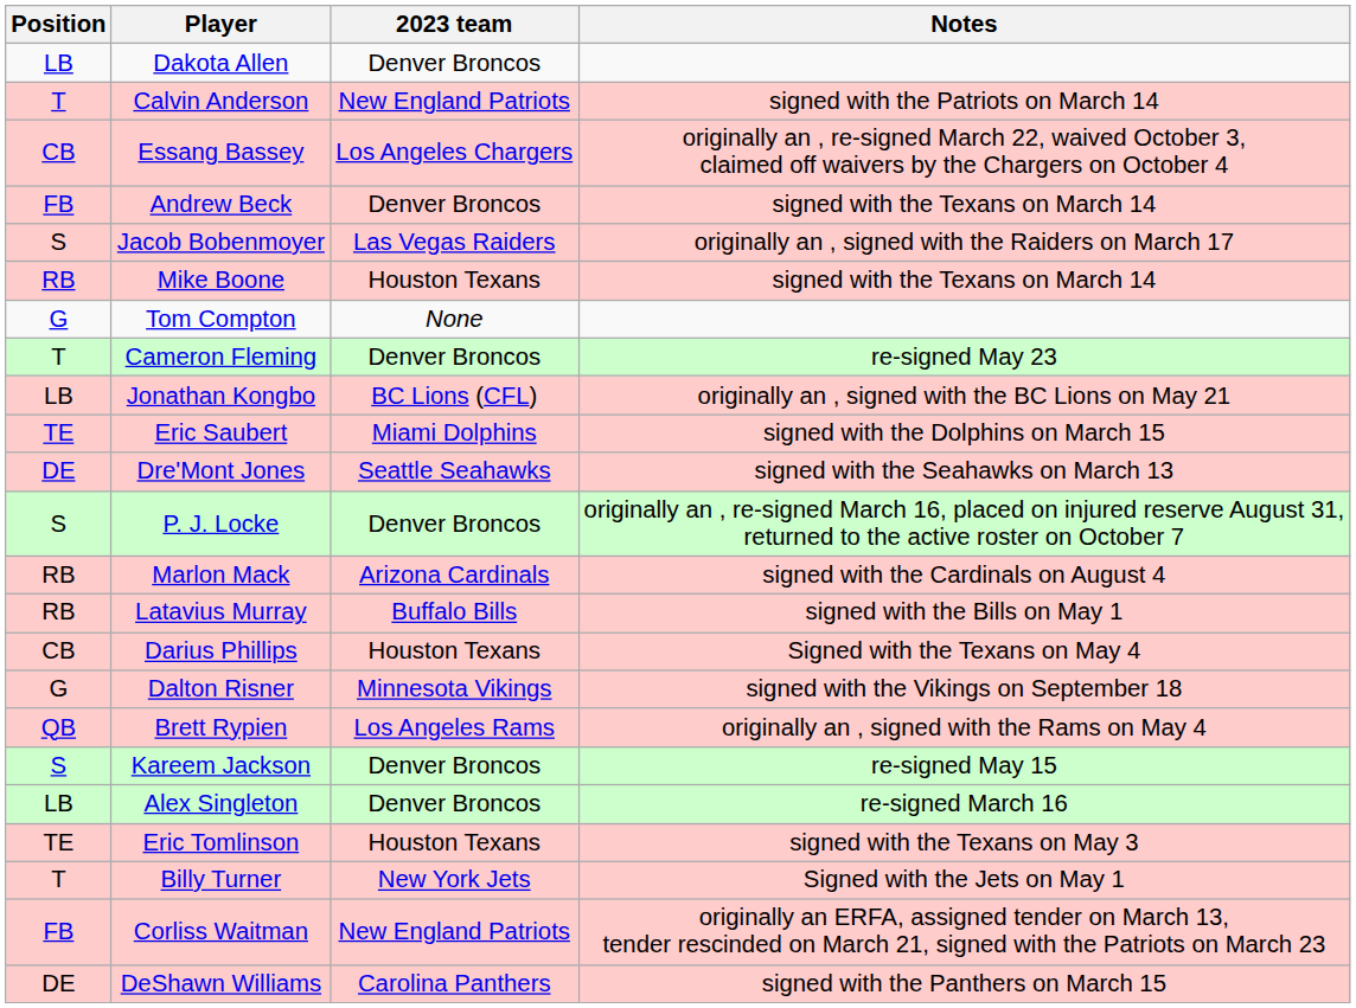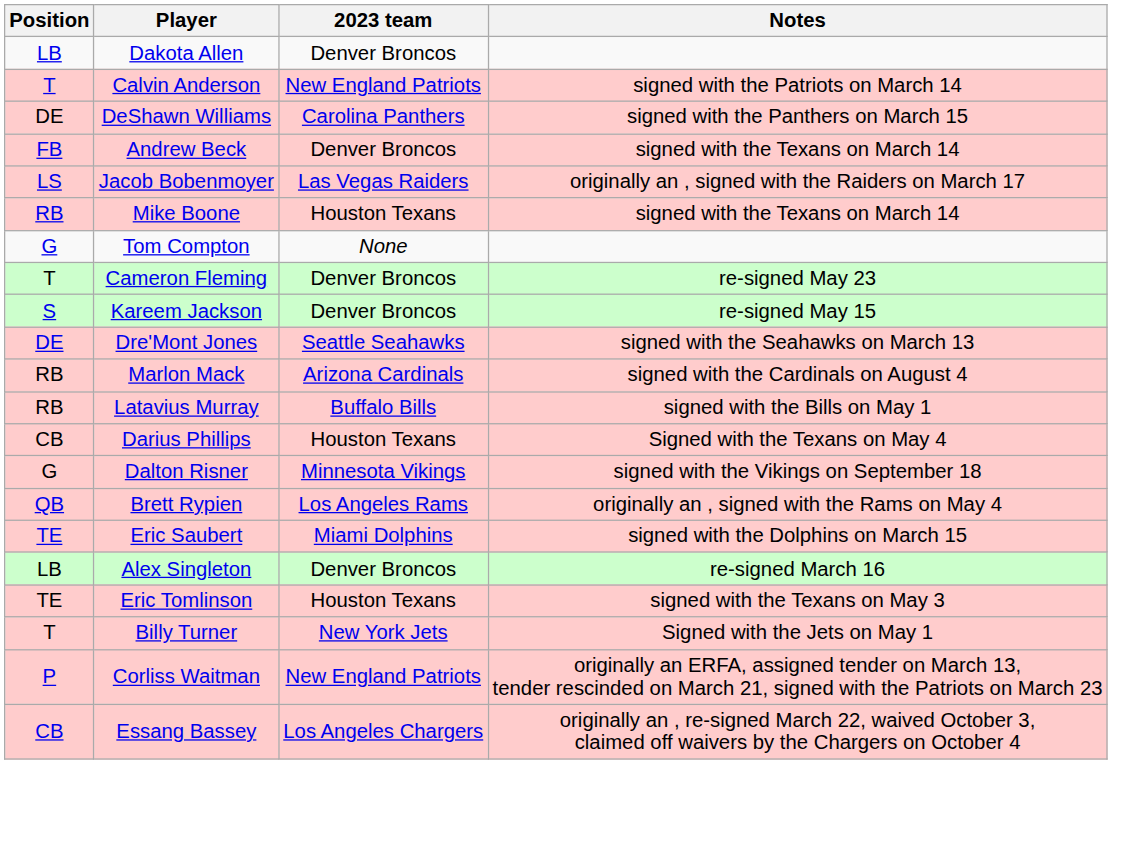 <table class="wikitable" style="text-align:center">
 <tr>
 <th>Position</th>
 <th>Player</th>
 <th>2023 team</th>
 <th>Notes</th>
 </tr>
 <tr style="background:#">
 <td><a href='#'>LB</a></td>
 <td><a href='#'>Dakota Allen</a></td>
 <td>Denver Broncos</td>
 <td></td>
 </tr>
 <tr style="background:#fcc">
 <td><a href='#'>T</a></td>
 <td><a href='#'>Calvin Anderson</a></td>
 <td><a href='#'>New England Patriots</a></td>
 <td>signed with the Patriots on March 14</td>
 </tr>
 <tr style="background:#fcc">
-<td><a href='#'>CB</a></td>
-<td><a href='#'>Essang Bassey</a></td>
-<td><a href='#'>Los Angeles Chargers</a></td>
-<td>originally an , re-signed March 22, waived October 3,<br>claimed off waivers by the Chargers on October 4</td>
+<td>DE</td>
+<td><a href='#'>DeShawn Williams</a></td>
+<td><a href='#'>Carolina Panthers</a></td>
+<td>signed with the Panthers on March 15</td>
 </tr>
 <tr style="background:#fcc">
 <td><a href='#'>FB</a></td>
 <td><a href='#'>Andrew Beck</a></td>
 <td>Denver Broncos</td>
 <td>signed with the Texans on March 14</td>
 </tr>
 <tr style="background:#fcc">
-<td>S</td>
+<td><a href='#'>LS</a></td>
 <td><a href='#'>Jacob Bobenmoyer</a></td>
 <td><a href='#'>Las Vegas Raiders</a></td>
 <td>originally an , signed with the Raiders on March 17</td>
 </tr>
 <tr style="background:#fcc">
 <td><a href='#'>RB</a></td>
 <td><a href='#'>Mike Boone</a></td>
 <td>Houston Texans</td>
 <td>signed with the Texans on March 14</td>
 </tr>
 <tr style="background:#">
 <td><a href='#'>G</a></td>
 <td><a href='#'>Tom Compton</a></td>
 <td><em>None</em></td>
 <td></td>
 </tr>
 <tr style="background:#cfc">
 <td>T</td>
 <td><a href='#'>Cameron Fleming</a></td>
 <td>Denver Broncos</td>
 <td>re-signed May 23</td>
 </tr>
-<tr style="background:#fcc">
-<td>LB</td>
-<td><a href='#'>Jonathan Kongbo</a></td>
-<td><a href='#'>BC Lions</a> (<a href='#'>CFL</a>)</td>
-<td>originally an , signed with the BC Lions on May 21</td>
-</tr>
-<tr style="background:#fcc">
-<td><a href='#'>TE</a></td>
-<td><a href='#'>Eric Saubert</a></td>
-<td><a href='#'>Miami Dolphins</a></td>
-<td>signed with the Dolphins on March 15</td>
+<tr style="background:#cfc">
+<td><a href='#'>S</a></td>
+<td><a href='#'>Kareem Jackson</a></td>
+<td>Denver Broncos</td>
+<td>re-signed May 15</td>
 </tr>
 <tr style="background:#fcc">
 <td><a href='#'>DE</a></td>
 <td><a href='#'>Dre'Mont Jones</a></td>
 <td><a href='#'>Seattle Seahawks</a></td>
 <td>signed with the Seahawks on March 13</td>
-</tr>
-<tr style="background:#cfc">
-<td>S</td>
-<td><a href='#'>P. J. Locke</a></td>
-<td>Denver Broncos</td>
-<td>originally an , re-signed March 16, placed on injured reserve August 31,<br>returned to the active roster on October 7</td>
 </tr>
 <tr style="background:#fcc">
 <td>RB</td>
 <td><a href='#'>Marlon Mack</a></td>
 <td><a href='#'>Arizona Cardinals</a></td>
 <td>signed with the Cardinals on August 4</td>
 </tr>
 <tr style="background:#fcc">
 <td>RB</td>
 <td><a href='#'>Latavius Murray</a></td>
 <td><a href='#'>Buffalo Bills</a></td>
 <td>signed with the Bills on May 1</td>
 </tr>
 <tr style="background:#fcc">
 <td>CB</td>
 <td><a href='#'>Darius Phillips</a></td>
 <td>Houston Texans</td>
 <td>Signed with the Texans on May 4</td>
 </tr>
 <tr style="background:#fcc">
 <td>G</td>
 <td><a href='#'>Dalton Risner</a></td>
 <td><a href='#'>Minnesota Vikings</a></td>
 <td>signed with the Vikings on September 18</td>
 </tr>
 <tr style="background:#fcc">
 <td><a href='#'>QB</a></td>
 <td><a href='#'>Brett Rypien</a></td>
 <td><a href='#'>Los Angeles Rams</a></td>
 <td>originally an , signed with the Rams on May 4</td>
 </tr>
-<tr style="background:#cfc">
-<td><a href='#'>S</a></td>
-<td><a href='#'>Kareem Jackson</a></td>
-<td>Denver Broncos</td>
-<td>re-signed May 15</td>
+<tr style="background:#fcc">
+<td><a href='#'>TE</a></td>
+<td><a href='#'>Eric Saubert</a></td>
+<td><a href='#'>Miami Dolphins</a></td>
+<td>signed with the Dolphins on March 15</td>
 </tr>
 <tr style="background:#cfc">
 <td>LB</td>
 <td><a href='#'>Alex Singleton</a></td>
 <td>Denver Broncos</td>
 <td>re-signed March 16</td>
 </tr>
 <tr style="background:#fcc">
 <td>TE</td>
 <td><a href='#'>Eric Tomlinson</a></td>
 <td>Houston Texans</td>
 <td>signed with the Texans on May 3</td>
 </tr>
 <tr style="background:#fcc">
 <td>T</td>
 <td><a href='#'>Billy Turner</a></td>
 <td><a href='#'>New York Jets</a></td>
 <td>Signed with the Jets on May 1</td>
 </tr>
 <tr style="background:#fcc">
-<td><a href='#'>FB</a></td>
+<td><a href='#'>P</a></td>
 <td><a href='#'>Corliss Waitman</a></td>
 <td><a href='#'>New England Patriots</a></td>
 <td>originally an ERFA, assigned tender on March 13,<br>tender rescinded on March 21, signed with the Patriots on March 23</td>
 </tr>
 <tr style="background:#fcc">
-<td>DE</td>
-<td><a href='#'>DeShawn Williams</a></td>
-<td><a href='#'>Carolina Panthers</a></td>
-<td>signed with the Panthers on March 15</td>
+<td><a href='#'>CB</a></td>
+<td><a href='#'>Essang Bassey</a></td>
+<td><a href='#'>Los Angeles Chargers</a></td>
+<td>originally an , re-signed March 22, waived October 3,<br>claimed off waivers by the Chargers on October 4</td>
 </tr>
 </table>
